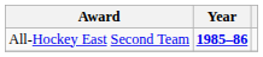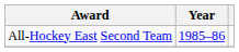 <table class="wikitable">
 <tr>
 <th>Award</th>
 <th>Year</th>
 <th></th>
 </tr>
 <tr>
 <td>All-<a href='#'>Hockey East</a> <a href='#'>Second Team</a></td>
-<td><strong><a href='#'>1985–86</a></strong></td>
+<td><a href='#'>1985–86</a></td>
 <td></td>
 </tr>
 <tr>
 </tr>
 </table>
